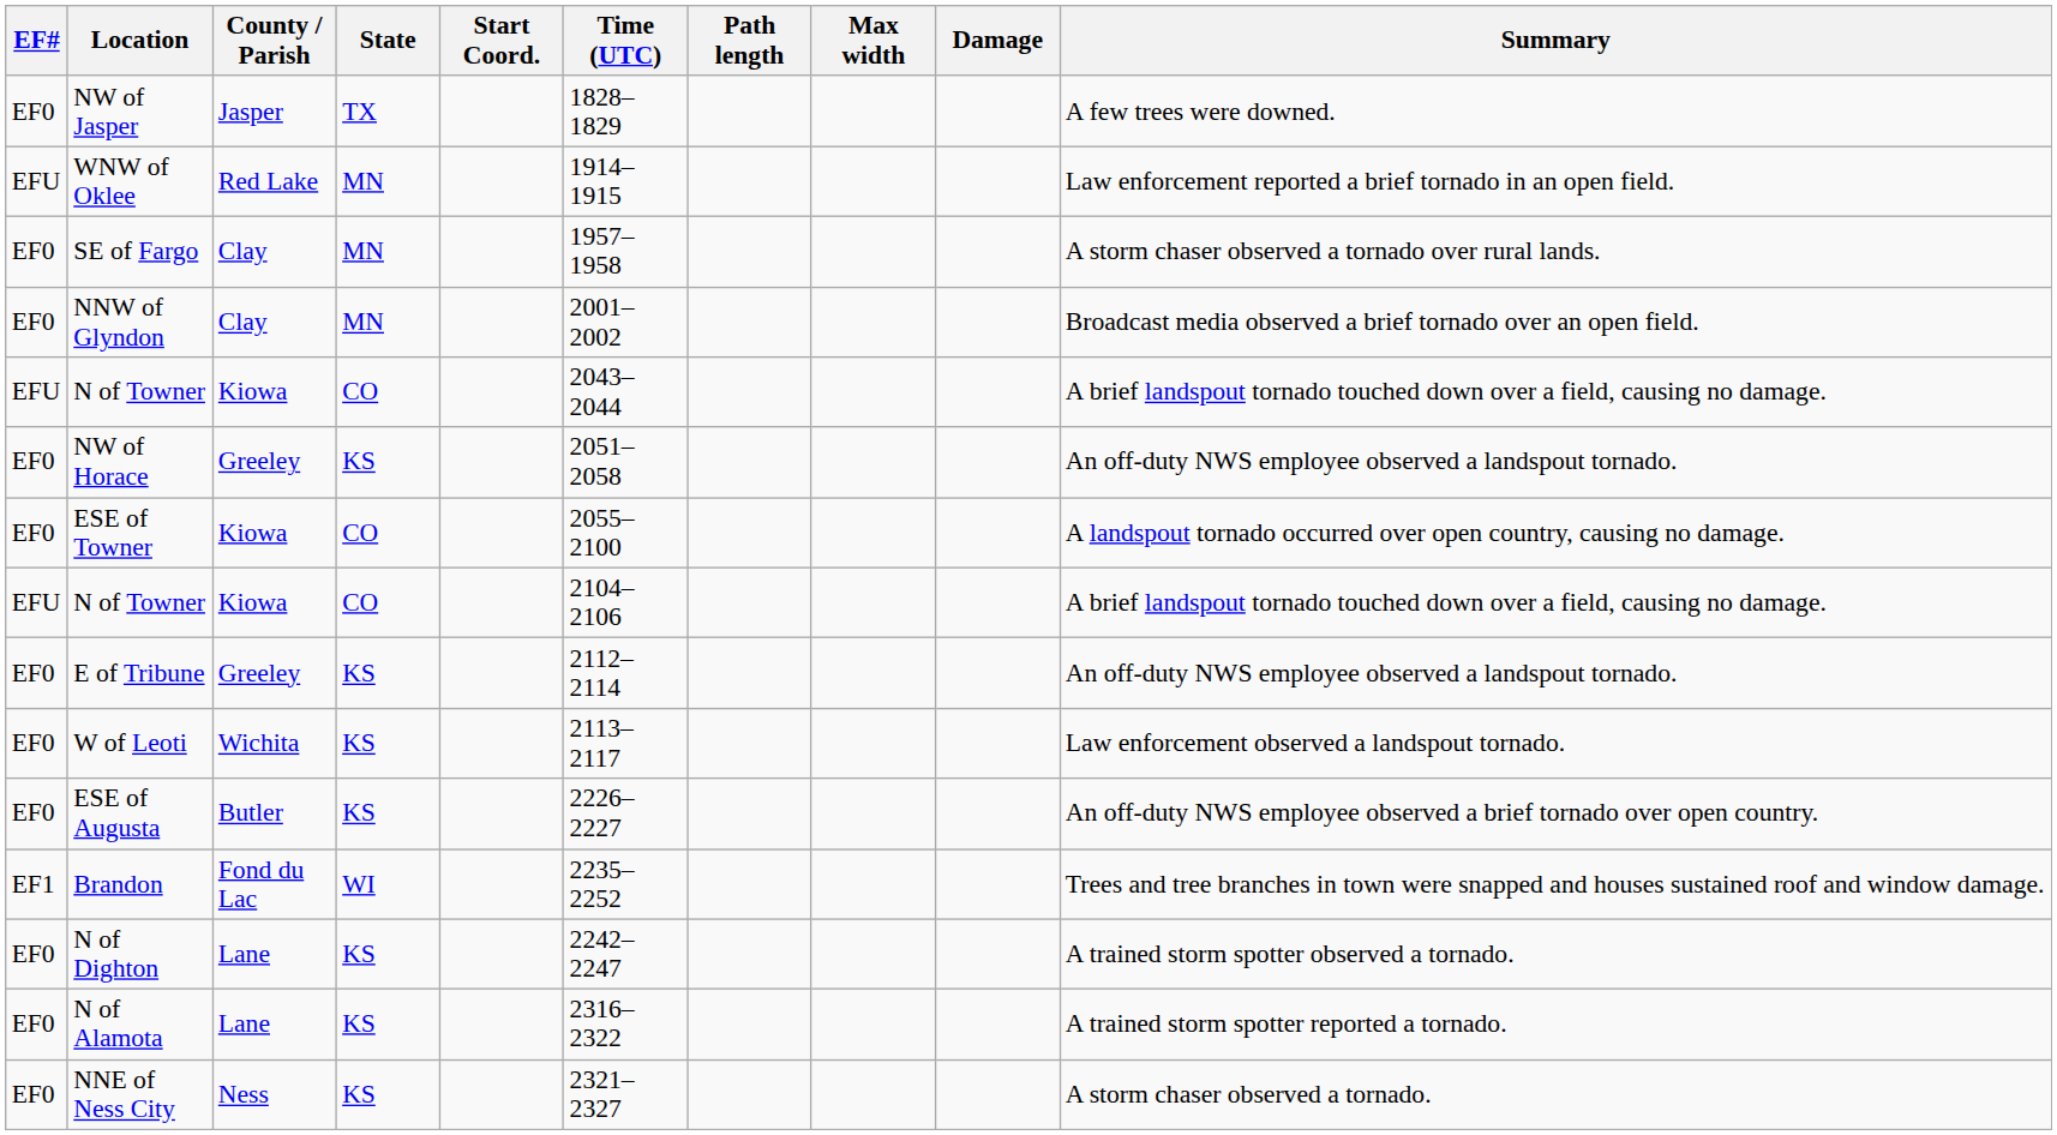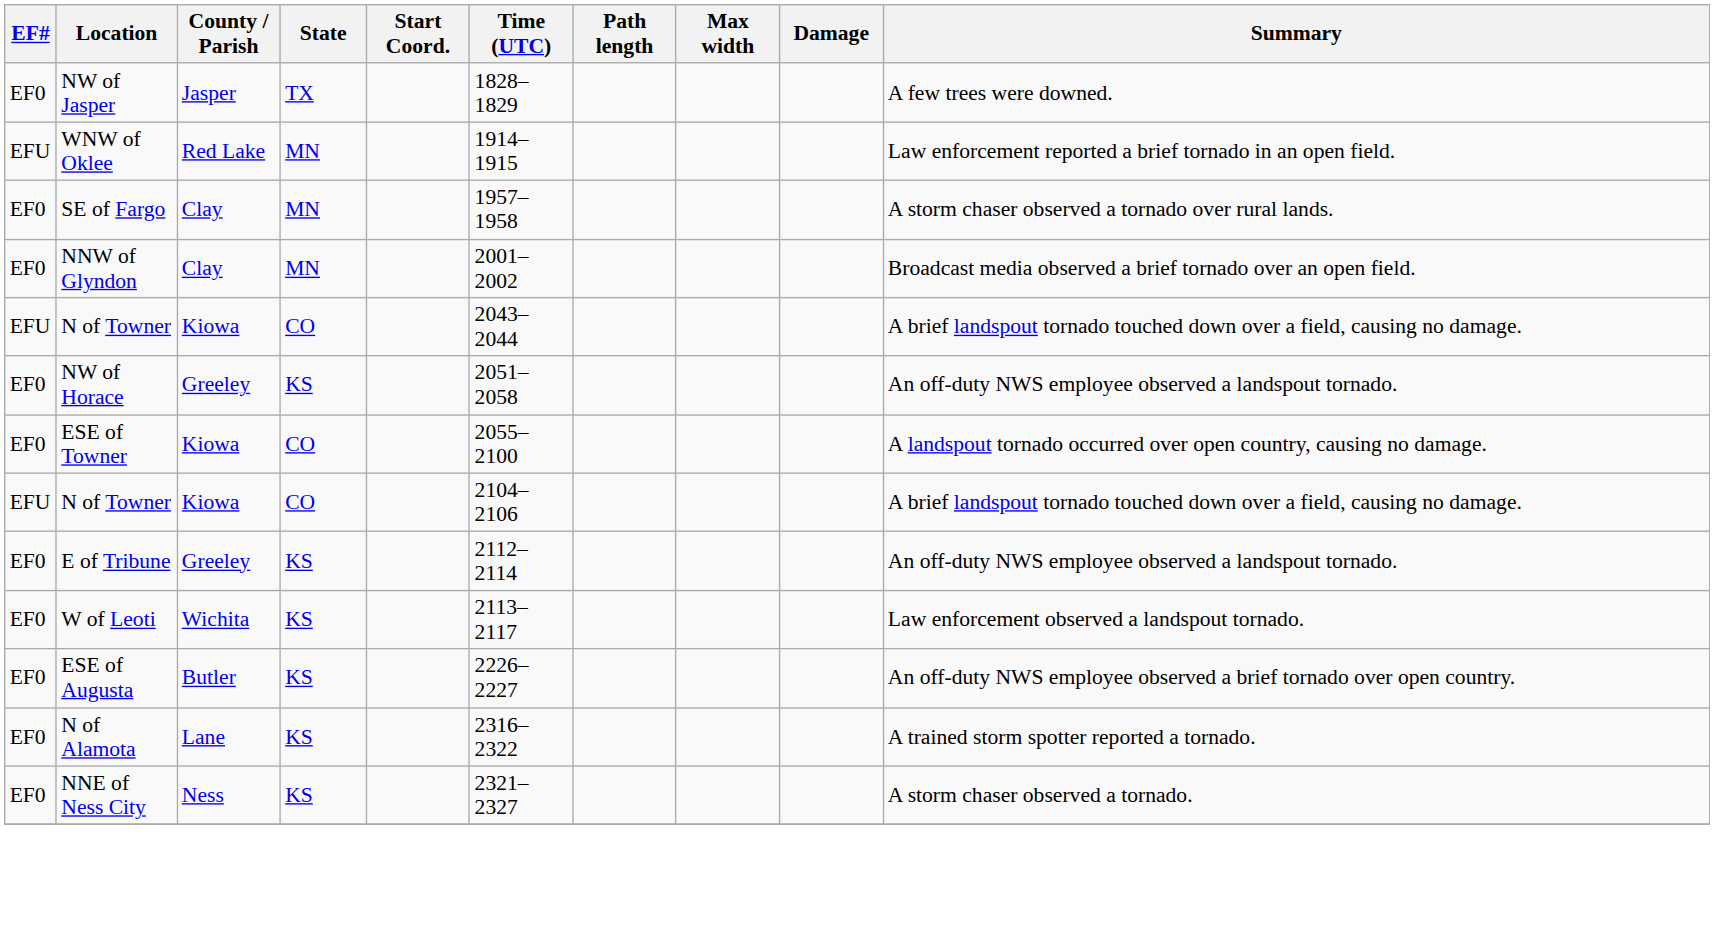 <table class="wikitable sortable" style="width:100%;">
 <tr>
 <th scope="col" width="3%" align="center"><a href='#'>EF#</a></th>
 <th scope="col" width="7%" align="center" class="unsortable">Location</th>
 <th scope="col" width="6%" align="center" class="unsortable">County / Parish</th>
 <th scope="col" width="5%" align="center">State</th>
 <th scope="col" width="6%" align="center">Start Coord.</th>
 <th scope="col" width="6%" align="center">Time (<a href='#'>UTC</a>)</th>
 <th scope="col" width="6%" align="center">Path length</th>
 <th scope="col" width="6%" align="center">Max width</th>
 <th scope="col" width="6%" align="center">Damage</th>
 <th scope="col" width="48%" class="unsortable" align="center">Summary</th>
 </tr>
 <tr>
 <td>EF0</td>
 <td>NW of <a href='#'>Jasper</a></td>
 <td><a href='#'>Jasper</a></td>
 <td><a href='#'>TX</a></td>
 <td></td>
 <td>1828–1829</td>
 <td></td>
 <td></td>
 <td></td>
 <td>A few trees were downed.</td>
 </tr>
 <tr>
 <td>EFU</td>
 <td>WNW of <a href='#'>Oklee</a></td>
 <td><a href='#'>Red Lake</a></td>
 <td><a href='#'>MN</a></td>
 <td></td>
 <td>1914–1915</td>
 <td></td>
 <td></td>
 <td></td>
 <td>Law enforcement reported a brief tornado in an open field.</td>
 </tr>
 <tr>
 <td>EF0</td>
 <td>SE of <a href='#'>Fargo</a></td>
 <td><a href='#'>Clay</a></td>
 <td><a href='#'>MN</a></td>
 <td></td>
 <td>1957–1958</td>
 <td></td>
 <td></td>
 <td></td>
 <td>A storm chaser observed a tornado over rural lands.</td>
 </tr>
 <tr>
 <td>EF0</td>
 <td>NNW of <a href='#'>Glyndon</a></td>
 <td><a href='#'>Clay</a></td>
 <td><a href='#'>MN</a></td>
 <td></td>
 <td>2001–2002</td>
 <td></td>
 <td></td>
 <td></td>
 <td>Broadcast media observed a brief tornado over an open field.</td>
 </tr>
 <tr>
 <td>EFU</td>
 <td>N of <a href='#'>Towner</a></td>
 <td><a href='#'>Kiowa</a></td>
 <td><a href='#'>CO</a></td>
 <td></td>
 <td>2043–2044</td>
 <td></td>
 <td></td>
 <td></td>
 <td>A brief <a href='#'>landspout</a> tornado touched down over a field, causing no damage.</td>
 </tr>
 <tr>
 <td>EF0</td>
 <td>NW of <a href='#'>Horace</a></td>
 <td><a href='#'>Greeley</a></td>
 <td><a href='#'>KS</a></td>
 <td></td>
 <td>2051–2058</td>
 <td></td>
 <td></td>
 <td></td>
 <td>An off-duty NWS employee observed a landspout tornado.</td>
 </tr>
 <tr>
 <td>EF0</td>
 <td>ESE of <a href='#'>Towner</a></td>
 <td><a href='#'>Kiowa</a></td>
 <td><a href='#'>CO</a></td>
 <td></td>
 <td>2055–2100</td>
 <td></td>
 <td></td>
 <td></td>
 <td>A <a href='#'>landspout</a> tornado occurred over open country, causing no damage.</td>
 </tr>
 <tr>
 <td>EFU</td>
 <td>N of <a href='#'>Towner</a></td>
 <td><a href='#'>Kiowa</a></td>
 <td><a href='#'>CO</a></td>
 <td></td>
 <td>2104–2106</td>
 <td></td>
 <td></td>
 <td></td>
 <td>A brief <a href='#'>landspout</a> tornado touched down over a field, causing no damage.</td>
 </tr>
 <tr>
 <td>EF0</td>
 <td>E of <a href='#'>Tribune</a></td>
 <td><a href='#'>Greeley</a></td>
 <td><a href='#'>KS</a></td>
 <td></td>
 <td>2112–2114</td>
 <td></td>
 <td></td>
 <td></td>
 <td>An off-duty NWS employee observed a landspout tornado.</td>
 </tr>
 <tr>
 <td>EF0</td>
 <td>W of <a href='#'>Leoti</a></td>
 <td><a href='#'>Wichita</a></td>
 <td><a href='#'>KS</a></td>
 <td></td>
 <td>2113–2117</td>
 <td></td>
 <td></td>
 <td></td>
 <td>Law enforcement observed a landspout tornado.</td>
 </tr>
 <tr>
 <td>EF0</td>
 <td>ESE of <a href='#'>Augusta</a></td>
 <td><a href='#'>Butler</a></td>
 <td><a href='#'>KS</a></td>
 <td></td>
 <td>2226–2227</td>
 <td></td>
 <td></td>
 <td></td>
 <td>An off-duty NWS employee observed a brief tornado over open country.</td>
 </tr>
 <tr>
-<td>EF1</td>
-<td><a href='#'>Brandon</a></td>
-<td><a href='#'>Fond du Lac</a></td>
-<td><a href='#'>WI</a></td>
-<td></td>
-<td>2235–2252</td>
-<td></td>
-<td></td>
-<td></td>
-<td>Trees and tree branches in town were snapped and houses sustained roof and window damage.</td>
-</tr>
-<tr>
-<td>EF0</td>
-<td>N of <a href='#'>Dighton</a></td>
-<td><a href='#'>Lane</a></td>
-<td><a href='#'>KS</a></td>
-<td></td>
-<td>2242–2247</td>
-<td></td>
-<td></td>
-<td></td>
-<td>A trained storm spotter observed a tornado.</td>
-</tr>
-<tr>
 <td>EF0</td>
 <td>N of <a href='#'>Alamota</a></td>
 <td><a href='#'>Lane</a></td>
 <td><a href='#'>KS</a></td>
 <td></td>
 <td>2316–2322</td>
 <td></td>
 <td></td>
 <td></td>
 <td>A trained storm spotter reported a tornado.</td>
 </tr>
 <tr>
 <td>EF0</td>
 <td>NNE of <a href='#'>Ness City</a></td>
 <td><a href='#'>Ness</a></td>
 <td><a href='#'>KS</a></td>
 <td></td>
 <td>2321–2327</td>
 <td></td>
 <td></td>
 <td></td>
 <td>A storm chaser observed a tornado.</td>
 </tr>
 <tr>
 </tr>
 </table>
